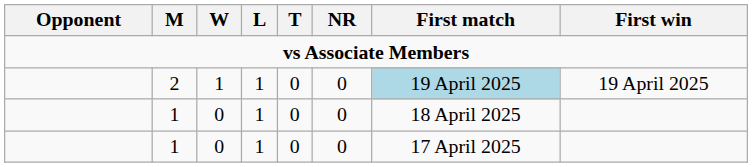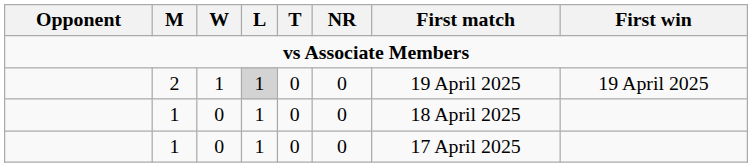 <table class="wikitable" style="text-align: center; width: 600px;">
 <tr>
 <th>Opponent</th>
 <th>M</th>
 <th>W</th>
 <th>L</th>
 <th>T</th>
 <th>NR</th>
 <th>First match</th>
 <th>First win</th>
 </tr>
 <tr>
 <td colspan="8" style="text-align:center;"><strong>vs Associate Members</strong></td>
 </tr>
 <tr>
 <td align=left></td>
 <td>2</td>
 <td>1</td>
-<td>1</td>
+<td style="background: lightgrey;">1</td>
 <td>0</td>
 <td>0</td>
-<td style="background: lightblue;">19 April 2025</td>
+<td>19 April 2025</td>
 <td>19 April 2025</td>
 </tr>
 <tr>
 <td align=left></td>
 <td>1</td>
 <td>0</td>
 <td>1</td>
 <td>0</td>
 <td>0</td>
 <td>18 April 2025</td>
 <td></td>
 </tr>
 <tr>
 <td align=left></td>
 <td>1</td>
 <td>0</td>
 <td>1</td>
 <td>0</td>
 <td>0</td>
 <td>17 April 2025</td>
 <td></td>
 </tr>
 </table>
